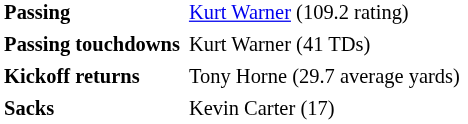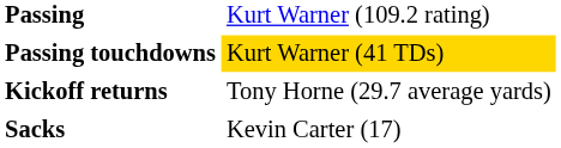 <table cellpadding="3" cellspacing="1">
 <tr>
 </tr>
 <tr>
 <td><strong>Passing</strong></td>
 <td><a href='#'>Kurt Warner</a> (109.2 rating)</td>
 </tr>
 <tr>
 <td><strong>Passing touchdowns</strong></td>
-<td>Kurt Warner (41 TDs)</td>
+<td style="background: gold;">Kurt Warner (41 TDs)</td>
 </tr>
 <tr>
 <td><strong>Kickoff returns</strong></td>
 <td>Tony Horne (29.7 average yards)</td>
 </tr>
 <tr>
 <td><strong>Sacks</strong></td>
 <td>Kevin Carter (17)</td>
 </tr>
 </table>
